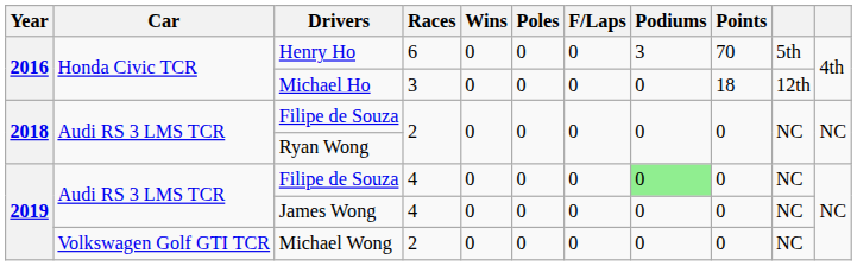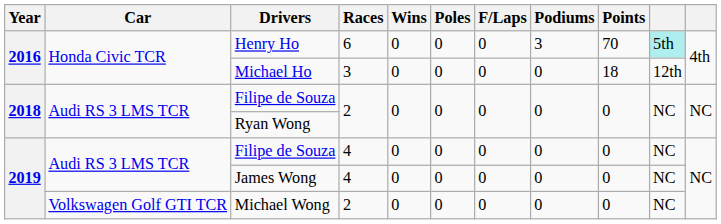 <table class="wikitable" style="font-size:85%">
 <tr>
 <th>Year</th>
 <th>Car</th>
 <th>Drivers</th>
 <th>Races</th>
 <th>Wins</th>
 <th>Poles</th>
 <th>F/Laps</th>
 <th>Podiums</th>
 <th>Points</th>
 <th></th>
 <th></th>
 </tr>
 <tr>
 <th rowspan="2"><a href='#'>2016</a></th>
 <td rowspan="2"><a href='#'>Honda Civic TCR</a></td>
 <td> <a href='#'>Henry Ho</a></td>
 <td>6</td>
 <td>0</td>
 <td>0</td>
 <td>0</td>
 <td>3</td>
 <td>70</td>
-<td>5th</td>
+<td style="background: paleturquoise;">5th</td>
 <td rowspan="2">4th</td>
 </tr>
 <tr>
 <td> <a href='#'>Michael Ho</a></td>
 <td>3</td>
 <td>0</td>
 <td>0</td>
 <td>0</td>
 <td>0</td>
 <td>18</td>
 <td>12th</td>
 </tr>
 <tr>
 <th rowspan="2"><a href='#'>2018</a></th>
 <td rowspan="2"><a href='#'>Audi RS 3 LMS TCR</a></td>
 <td> <a href='#'>Filipe de Souza</a></td>
 <td rowspan="2">2</td>
 <td rowspan="2">0</td>
 <td rowspan="2">0</td>
 <td rowspan="2">0</td>
 <td rowspan="2">0</td>
 <td rowspan="2">0</td>
 <td rowspan="2">NC</td>
 <td rowspan="2">NC</td>
 </tr>
 <tr>
 <td> Ryan Wong</td>
 </tr>
 <tr>
 <th rowspan="3"><a href='#'>2019</a></th>
 <td rowspan="2"><a href='#'>Audi RS 3 LMS TCR</a></td>
 <td> <a href='#'>Filipe de Souza</a></td>
 <td>4</td>
 <td>0</td>
 <td>0</td>
 <td>0</td>
-<td style="background: lightgreen;">0</td>
+<td>0</td>
 <td>0</td>
 <td>NC</td>
 <td rowspan="3">NC</td>
 </tr>
 <tr>
 <td> James Wong</td>
 <td>4</td>
 <td>0</td>
 <td>0</td>
 <td>0</td>
 <td>0</td>
 <td>0</td>
 <td>NC</td>
 </tr>
 <tr>
 <td><a href='#'>Volkswagen Golf GTI TCR</a></td>
 <td> Michael Wong</td>
 <td>2</td>
 <td>0</td>
 <td>0</td>
 <td>0</td>
 <td>0</td>
 <td>0</td>
 <td>NC</td>
 </tr>
 </table>
